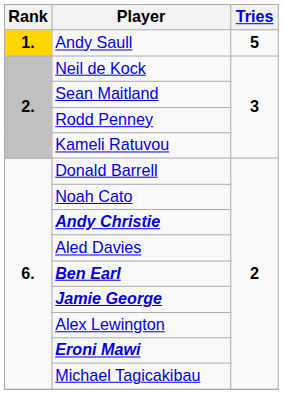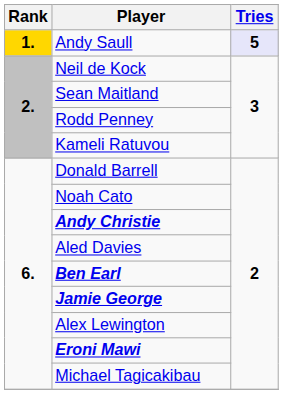 <table class="wikitable sticky-header">
 <tr>
 <th width=35>Rank</th>
 <th width=170>Player</th>
 <th width=40><a href='#'>Tries</a></th>
 </tr>
 <tr>
 <td align=center bgcolor=Gold><strong>1.</strong></td>
 <td> <a href='#'>Andy Saull</a></td>
-<td align=center><strong>5</strong></td>
+<td align=center style="background: lavender;"><strong>5</strong></td>
 </tr>
 <tr>
 <td rowspan=4 align=center bgcolor=Silver><strong>2.</strong></td>
 <td> <a href='#'>Neil de Kock</a></td>
 <td rowspan=4 align=center><strong>3</strong></td>
 </tr>
 <tr>
 <td> <a href='#'>Sean Maitland</a></td>
 </tr>
 <tr>
 <td> <a href='#'>Rodd Penney</a></td>
 </tr>
 <tr>
 <td> <a href='#'>Kameli Ratuvou</a></td>
 </tr>
 <tr>
 <td rowspan=9 align=center><strong>6.</strong></td>
 <td> <a href='#'>Donald Barrell</a></td>
 <td rowspan=9 align=center><strong>2</strong></td>
 </tr>
 <tr>
 <td> <a href='#'>Noah Cato</a></td>
 </tr>
 <tr>
 <td> <strong><em><a href='#'>Andy Christie</a></em></strong></td>
 </tr>
 <tr>
 <td> <a href='#'>Aled Davies</a></td>
 </tr>
 <tr>
 <td> <strong><em><a href='#'>Ben Earl</a></em></strong></td>
 </tr>
 <tr>
 <td> <strong><em><a href='#'>Jamie George</a></em></strong></td>
 </tr>
 <tr>
 <td> <a href='#'>Alex Lewington</a></td>
 </tr>
 <tr>
 <td> <strong><em><a href='#'>Eroni Mawi</a></em></strong></td>
 </tr>
 <tr>
 <td> <a href='#'>Michael Tagicakibau</a></td>
 </tr>
 <tr>
 </tr>
 </table>
